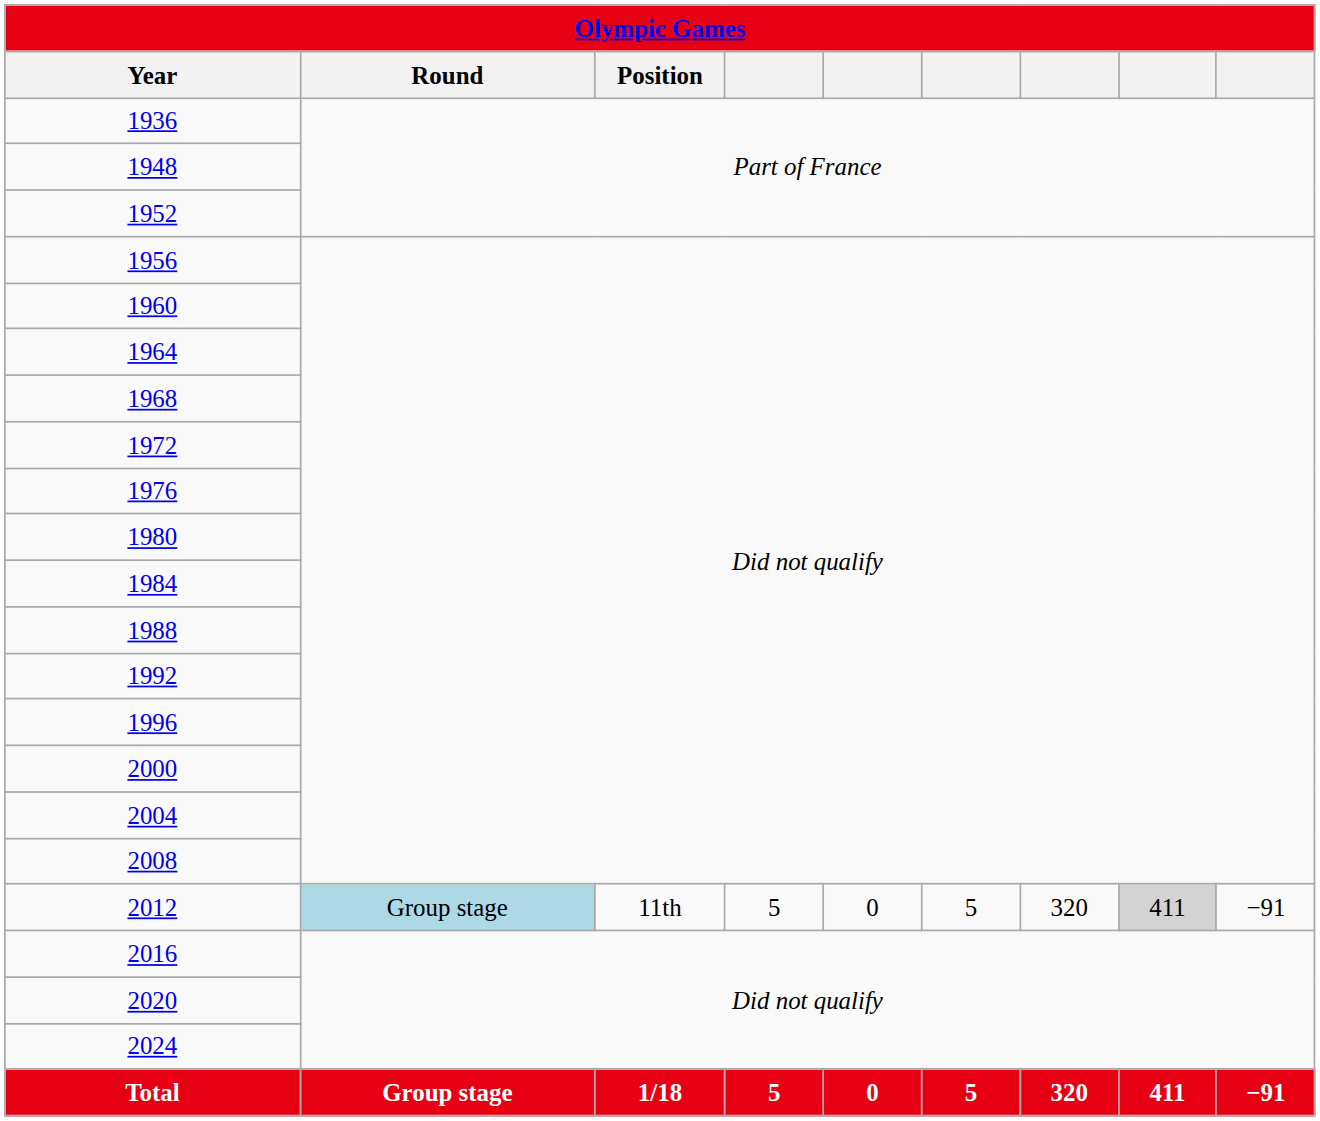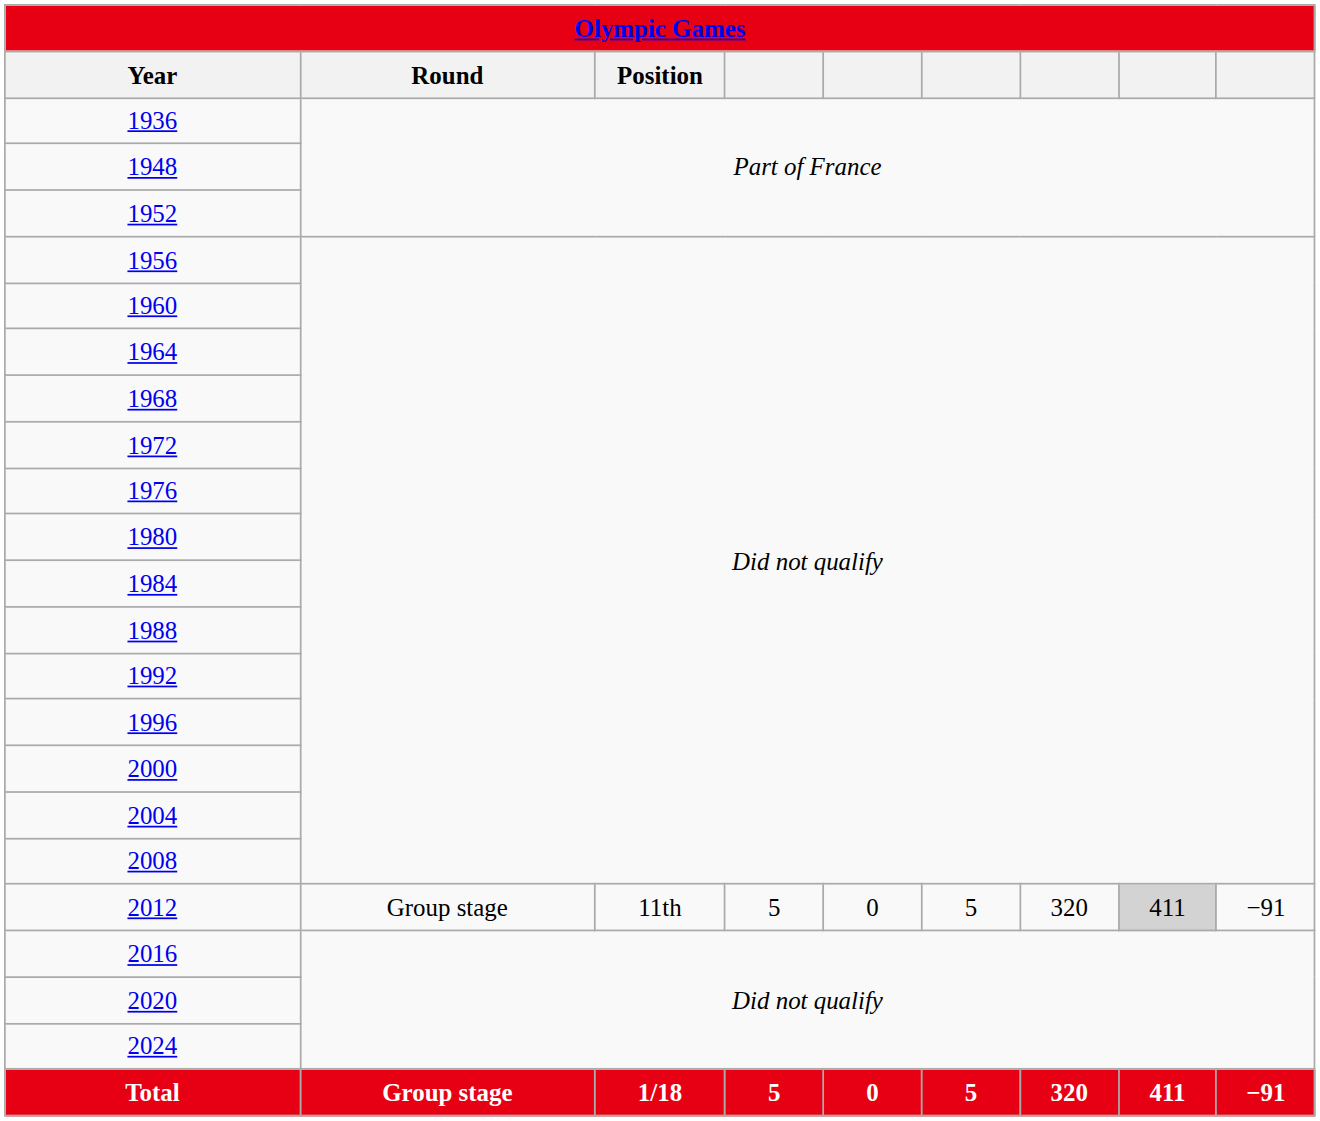 <table class="wikitable alternance" align="center" width="60%" style="font-size:90%; text-align:center; line-height:20px;">
 <tr>
 <th colspan="9" style="background:#E70013; color:white;"><a href='#'><span>Olympic Games</span></a></th>
 </tr>
 <tr>
 <th width="15%">Year</th>
 <th width="15%">Round</th>
 <th width="5%">Position</th>
 <th width="5%"></th>
 <th width="5%"></th>
 <th width="5%"></th>
 <th width="5%"></th>
 <th width="5%"></th>
 <th width="5%"></th>
 </tr>
 <tr>
 <td> <a href='#'>1936</a></td>
 <td colspan="8" rowspan="3"><em>Part of France</em></td>
 </tr>
 <tr>
 <td> <a href='#'>1948</a></td>
 </tr>
 <tr>
 <td> <a href='#'>1952</a></td>
 </tr>
 <tr>
 <td> <a href='#'>1956</a></td>
 <td colspan="8" rowspan="14"><em>Did not qualify</em></td>
 </tr>
 <tr>
 <td> <a href='#'>1960</a></td>
 </tr>
 <tr>
 <td> <a href='#'>1964</a></td>
 </tr>
 <tr>
 <td> <a href='#'>1968</a></td>
 </tr>
 <tr>
 <td> <a href='#'>1972</a></td>
 </tr>
 <tr>
 <td> <a href='#'>1976</a></td>
 </tr>
 <tr>
 <td> <a href='#'>1980</a></td>
 </tr>
 <tr>
 <td> <a href='#'>1984</a></td>
 </tr>
 <tr>
 <td> <a href='#'>1988</a></td>
 </tr>
 <tr>
 <td> <a href='#'>1992</a></td>
 </tr>
 <tr>
 <td> <a href='#'>1996</a></td>
 </tr>
 <tr>
 <td> <a href='#'>2000</a></td>
 </tr>
 <tr>
 <td> <a href='#'>2004</a></td>
 </tr>
 <tr>
 <td> <a href='#'>2008</a></td>
 </tr>
 <tr>
 <td> <a href='#'>2012</a></td>
-<td style="background: lightblue;">Group stage</td>
+<td>Group stage</td>
 <td>11th</td>
 <td>5</td>
 <td>0</td>
 <td>5</td>
 <td>320</td>
 <td style="background: lightgrey;">411</td>
 <td>−91</td>
 </tr>
 <tr>
 <td> <a href='#'>2016</a></td>
 <td colspan="8" rowspan="3"><em>Did not qualify</em></td>
 </tr>
 <tr>
 <td> <a href='#'>2020</a></td>
 </tr>
 <tr>
 <td> <a href='#'>2024</a></td>
 </tr>
 <tr>
 <th style="background:#E70013; color:white;">Total</th>
 <th style="background:#E70013; color:white;">Group stage</th>
 <th style="background:#E70013; color:white;">1/18</th>
 <th style="background:#E70013; color:white;">5</th>
 <th style="background:#E70013; color:white;">0</th>
 <th style="background:#E70013; color:white;">5</th>
 <th style="background:#E70013; color:white;">320</th>
 <th style="background:#E70013; color:white;">411</th>
 <th style="background:#E70013; color:white;">−91</th>
 </tr>
 </table>
